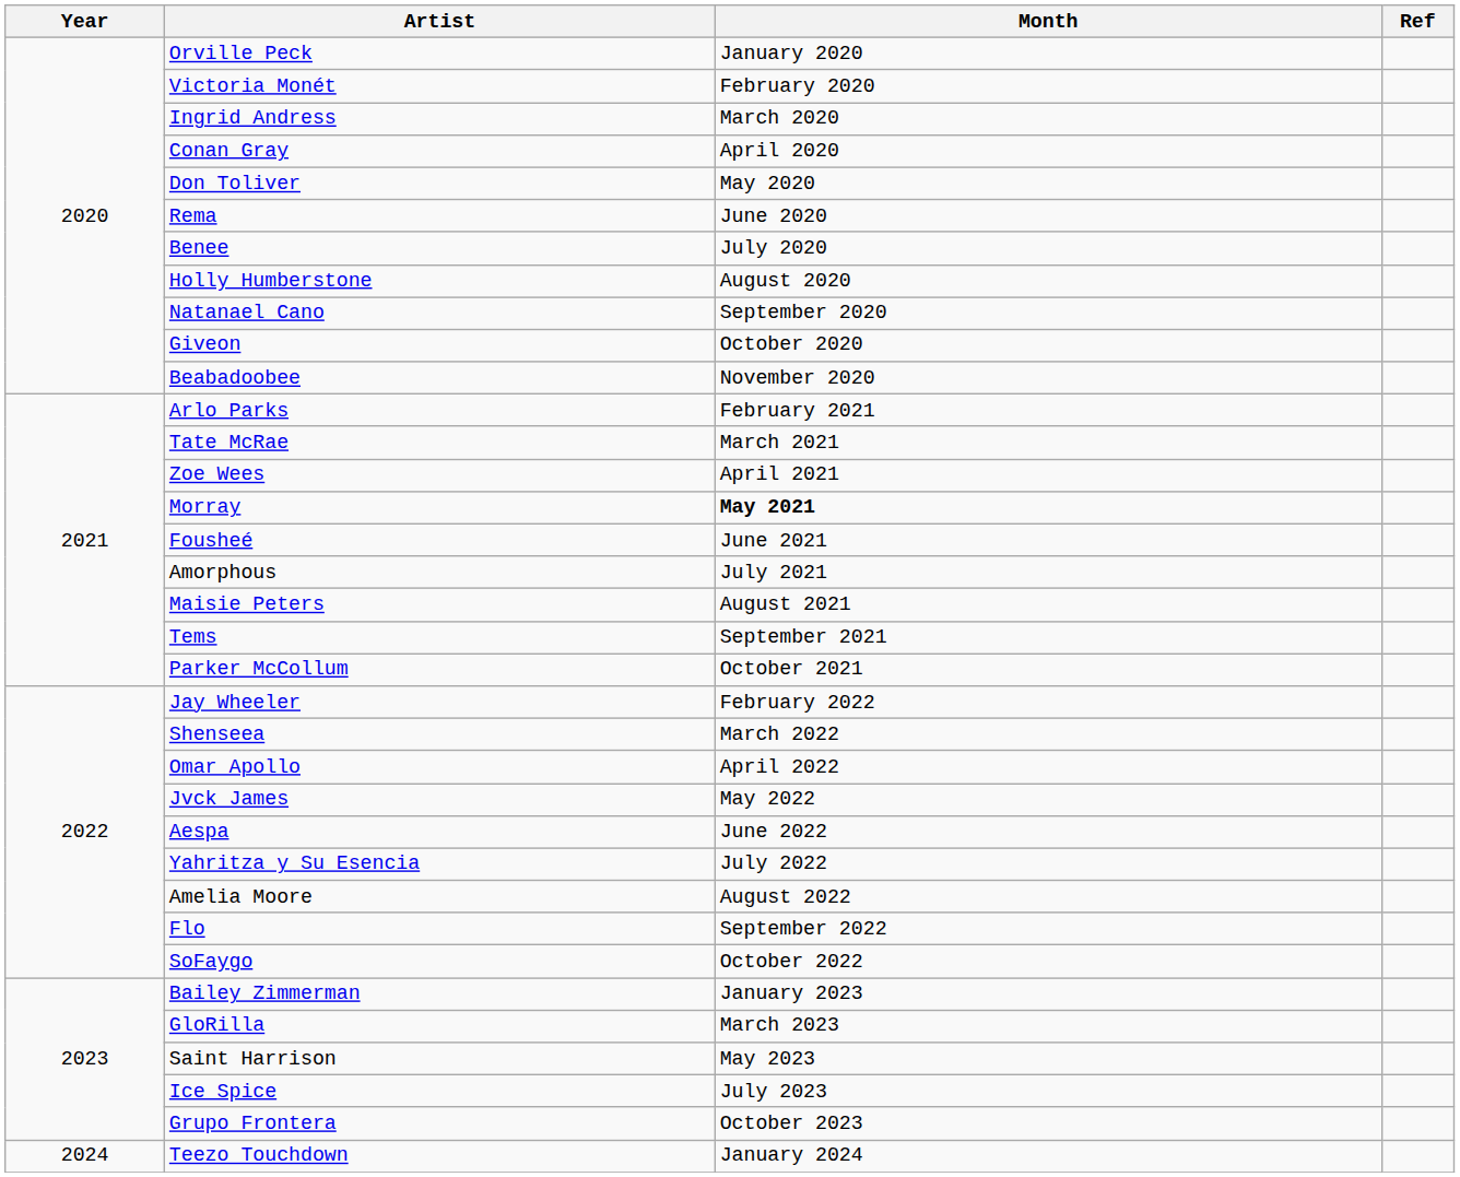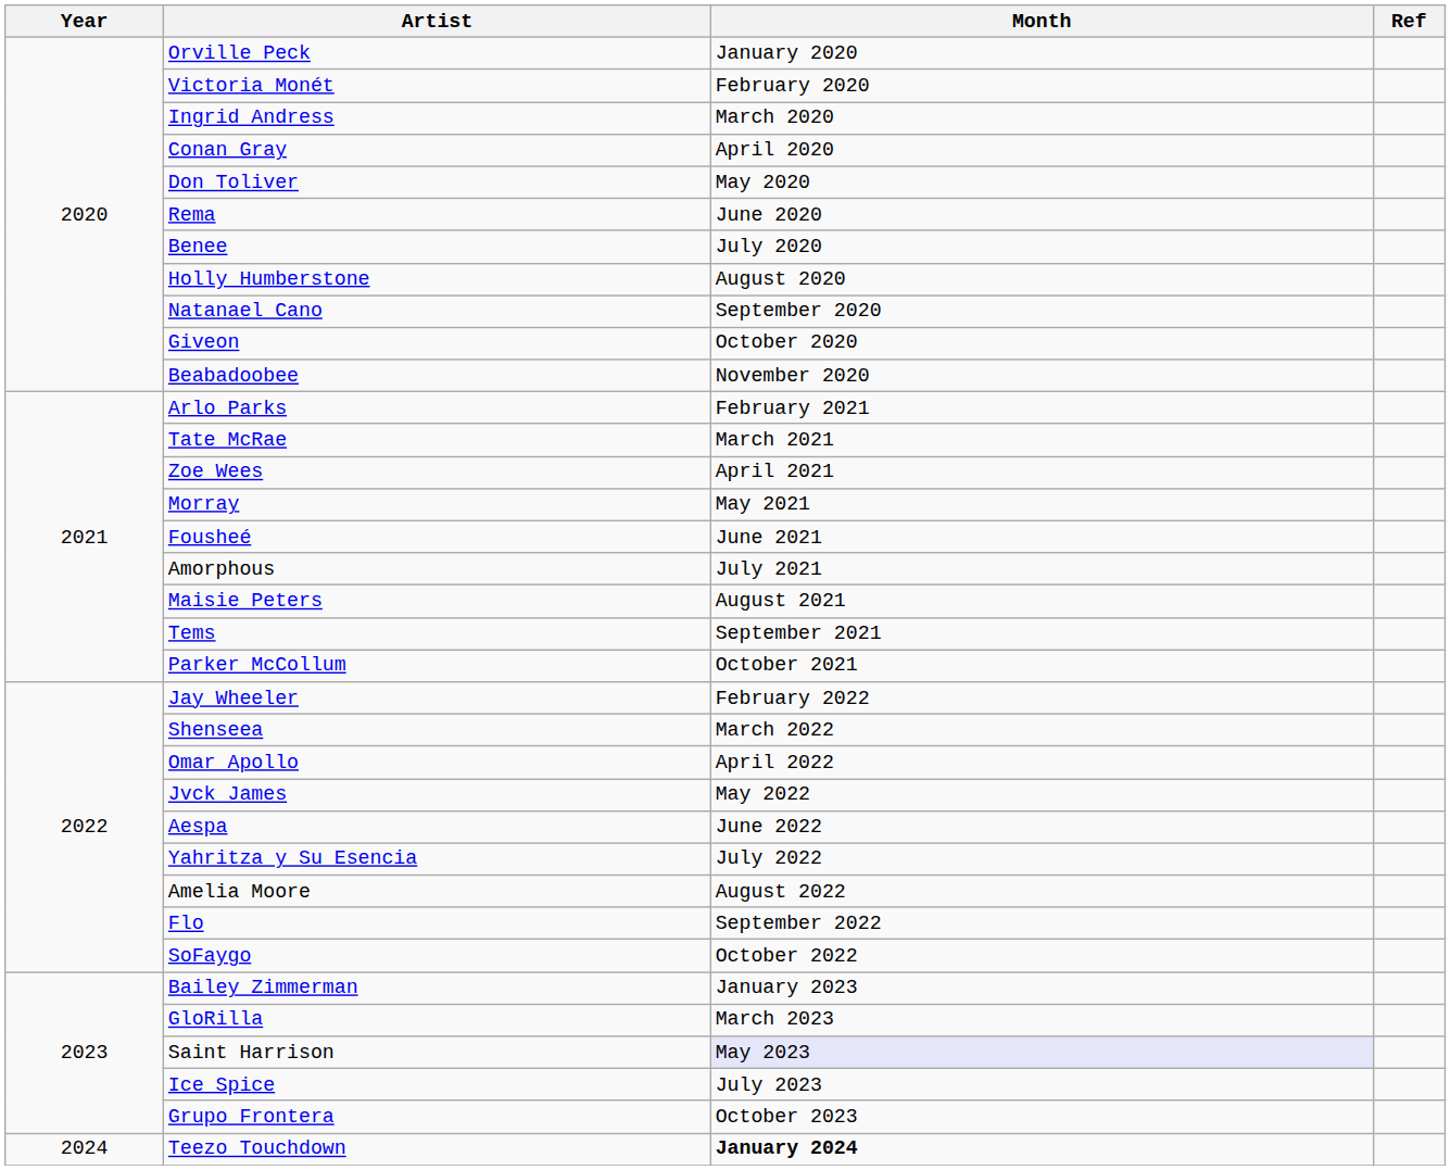 <table class="wikitable" style="width:75%;">
 <tr>
 <th style="width:11%;">Year</th>
 <th style="width:38%;">Artist</th>
 <th style="width:46%;">Month</th>
 <th style="width:5%;">Ref</th>
 </tr>
 <tr>
 <td rowspan="11" align="center">2020</td>
 <td><a href='#'>Orville Peck</a></td>
 <td>January 2020</td>
 <td></td>
 </tr>
 <tr>
 <td><a href='#'>Victoria Monét</a></td>
 <td>February 2020</td>
 <td></td>
 </tr>
 <tr>
 <td><a href='#'>Ingrid Andress</a></td>
 <td>March 2020</td>
 <td></td>
 </tr>
 <tr>
 <td><a href='#'>Conan Gray</a></td>
 <td>April 2020</td>
 <td></td>
 </tr>
 <tr>
 <td><a href='#'>Don Toliver</a></td>
 <td>May 2020</td>
 <td></td>
 </tr>
 <tr>
 <td><a href='#'>Rema</a></td>
 <td>June 2020</td>
 <td></td>
 </tr>
 <tr>
 <td><a href='#'>Benee</a></td>
 <td>July 2020</td>
 <td></td>
 </tr>
 <tr>
 <td><a href='#'>Holly Humberstone</a></td>
 <td>August 2020</td>
 <td></td>
 </tr>
 <tr>
 <td><a href='#'>Natanael Cano</a></td>
 <td>September 2020</td>
 <td></td>
 </tr>
 <tr>
 <td><a href='#'>Giveon</a></td>
 <td>October 2020</td>
 <td></td>
 </tr>
 <tr>
 <td><a href='#'>Beabadoobee</a></td>
 <td>November 2020</td>
 <td></td>
 </tr>
 <tr>
 <td rowspan="9" align="center">2021</td>
 <td><a href='#'>Arlo Parks</a></td>
 <td>February 2021</td>
 <td></td>
 </tr>
 <tr>
 <td><a href='#'>Tate McRae</a></td>
 <td>March 2021</td>
 <td></td>
 </tr>
 <tr>
 <td><a href='#'>Zoe Wees</a></td>
 <td>April 2021</td>
 <td></td>
 </tr>
 <tr>
 <td><a href='#'>Morray</a></td>
-<td><strong>May 2021</strong></td>
+<td>May 2021</td>
 <td></td>
 </tr>
 <tr>
 <td><a href='#'>Fousheé</a></td>
 <td>June 2021</td>
 <td></td>
 </tr>
 <tr>
 <td>Amorphous</td>
 <td>July 2021</td>
 <td></td>
 </tr>
 <tr>
 <td><a href='#'>Maisie Peters</a></td>
 <td>August 2021</td>
 <td></td>
 </tr>
 <tr>
 <td><a href='#'>Tems</a></td>
 <td>September 2021</td>
 <td></td>
 </tr>
 <tr>
 <td><a href='#'>Parker McCollum</a></td>
 <td>October 2021</td>
 <td></td>
 </tr>
 <tr>
 <td rowspan="9" align="center">2022</td>
 <td><a href='#'>Jay Wheeler</a></td>
 <td>February 2022</td>
 <td></td>
 </tr>
 <tr>
 <td><a href='#'>Shenseea</a></td>
 <td>March 2022</td>
 <td></td>
 </tr>
 <tr>
 <td><a href='#'>Omar Apollo</a></td>
 <td>April 2022</td>
 <td></td>
 </tr>
 <tr>
 <td><a href='#'>Jvck James</a></td>
 <td>May 2022</td>
 <td></td>
 </tr>
 <tr>
 <td><a href='#'>Aespa</a></td>
 <td>June 2022</td>
 <td></td>
 </tr>
 <tr>
 <td><a href='#'>Yahritza y Su Esencia</a></td>
 <td>July 2022</td>
 <td></td>
 </tr>
 <tr>
 <td>Amelia Moore</td>
 <td>August 2022</td>
 <td></td>
 </tr>
 <tr>
 <td><a href='#'>Flo</a></td>
 <td>September 2022</td>
 <td></td>
 </tr>
 <tr>
 <td><a href='#'>SoFaygo</a></td>
 <td>October 2022</td>
 <td></td>
 </tr>
 <tr>
 <td rowspan="5" align="center">2023</td>
 <td><a href='#'>Bailey Zimmerman</a></td>
 <td>January 2023</td>
 <td></td>
 </tr>
 <tr>
 <td><a href='#'>GloRilla</a></td>
 <td>March 2023</td>
 <td></td>
 </tr>
 <tr>
 <td>Saint Harrison</td>
-<td>May 2023</td>
+<td style="background: lavender;">May 2023</td>
 <td></td>
 </tr>
 <tr>
 <td><a href='#'>Ice Spice</a></td>
 <td>July 2023</td>
 <td></td>
 </tr>
 <tr>
 <td><a href='#'>Grupo Frontera</a></td>
 <td>October 2023</td>
 <td></td>
 </tr>
 <tr>
 <td rowspan="1" align="center">2024</td>
 <td><a href='#'>Teezo Touchdown</a></td>
-<td>January 2024</td>
+<td><strong>January 2024</strong></td>
 <td></td>
 </tr>
 </table>
